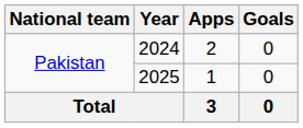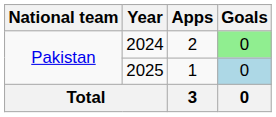 <table class="wikitable" style="text-align: center;">
 <tr>
 <th>National team</th>
 <th>Year</th>
 <th>Apps</th>
 <th>Goals</th>
 </tr>
 <tr>
 <td rowspan="2"><a href='#'>Pakistan</a></td>
 <td>2024</td>
 <td>2</td>
-<td>0</td>
+<td style="background: lightgreen;">0</td>
 </tr>
 <tr>
 <td>2025</td>
 <td>1</td>
-<td>0</td>
+<td style="background: lightblue;">0</td>
 </tr>
 <tr>
 <th colspan="2">Total</th>
 <th>3</th>
 <th>0</th>
 </tr>
 </table>
